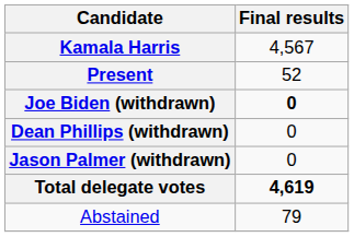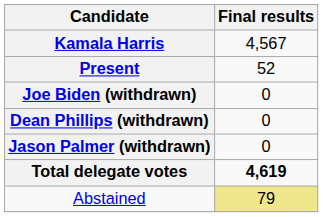 <table class="wikitable plainrowheaders" style="text-align:center;">
 <tr>
 <th scope="col">Candidate</th>
 <th scope="col">Final results</th>
 </tr>
 <tr>
 <th scope="row" style="text-align:center;"> <a href='#'>Kamala Harris</a></th>
 <td>4,567</td>
 </tr>
 <tr>
 <th scope="row" style="text-align:center;"><a href='#'>Present</a></th>
 <td>52</td>
 </tr>
 <tr>
 <th scope="row" style="text-align:center;"> <a href='#'>Joe Biden</a> (withdrawn)</th>
-<td><strong>0</strong></td>
+<td>0</td>
 </tr>
 <tr>
 <th scope="row" style="text-align:center;"> <a href='#'>Dean Phillips</a> (withdrawn)</th>
 <td>0</td>
 </tr>
 <tr>
 <th scope="row" style="text-align:center;"> <a href='#'>Jason Palmer</a> (withdrawn)</th>
 <td>0</td>
 </tr>
 <tr>
 <th scope="row" style="text-align:center;">Total delegate votes</th>
 <td><strong>4,619</strong></td>
 </tr>
 <tr>
 <td scope="row" style="text-align:center;"><a href='#'>Abstained</a></td>
-<td>79</td>
+<td style="background: khaki;">79</td>
 </tr>
 <tr>
 </tr>
 </table>
